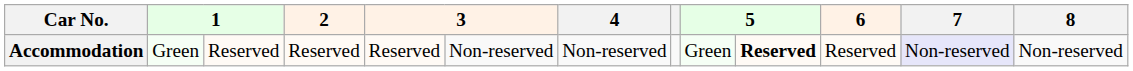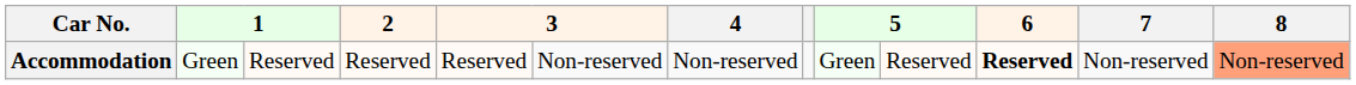 <table class="wikitable">
 <tr>
 <th>Car No.</th>
 <th colspan=2 style="background: #E6FFE6">1</th>
 <th style="background: #FFF2E6">2</th>
 <th colspan=2  style="background: #FFF2E6">3</th>
 <th>4</th>
 <th></th>
 <th colspan=2 style="background: #E6FFE6">5</th>
 <th style="background: #FFF2E6">6</th>
 <th>7</th>
 <th>8</th>
 </tr>
 <tr>
 <th>Accommodation</th>
 <td style="background: #F5FFF5">Green</td>
 <td style="background: #FFFAF5">Reserved</td>
 <td style="background: #FFFAF5">Reserved</td>
 <td style="background: #FFFAF5">Reserved</td>
 <td>Non-reserved</td>
 <td>Non-reserved</td>
 <td></td>
 <td style="background: #F5FFF5">Green</td>
+<td style="background: #FFFAF5">Reserved</td>
 <td style="background: #FFFAF5"><strong>Reserved</strong></td>
-<td style="background: #FFFAF5">Reserved</td>
-<td style="background: lavender;">Non-reserved</td>
 <td>Non-reserved</td>
+<td style="background: lightsalmon;">Non-reserved</td>
 </tr>
 </table>
